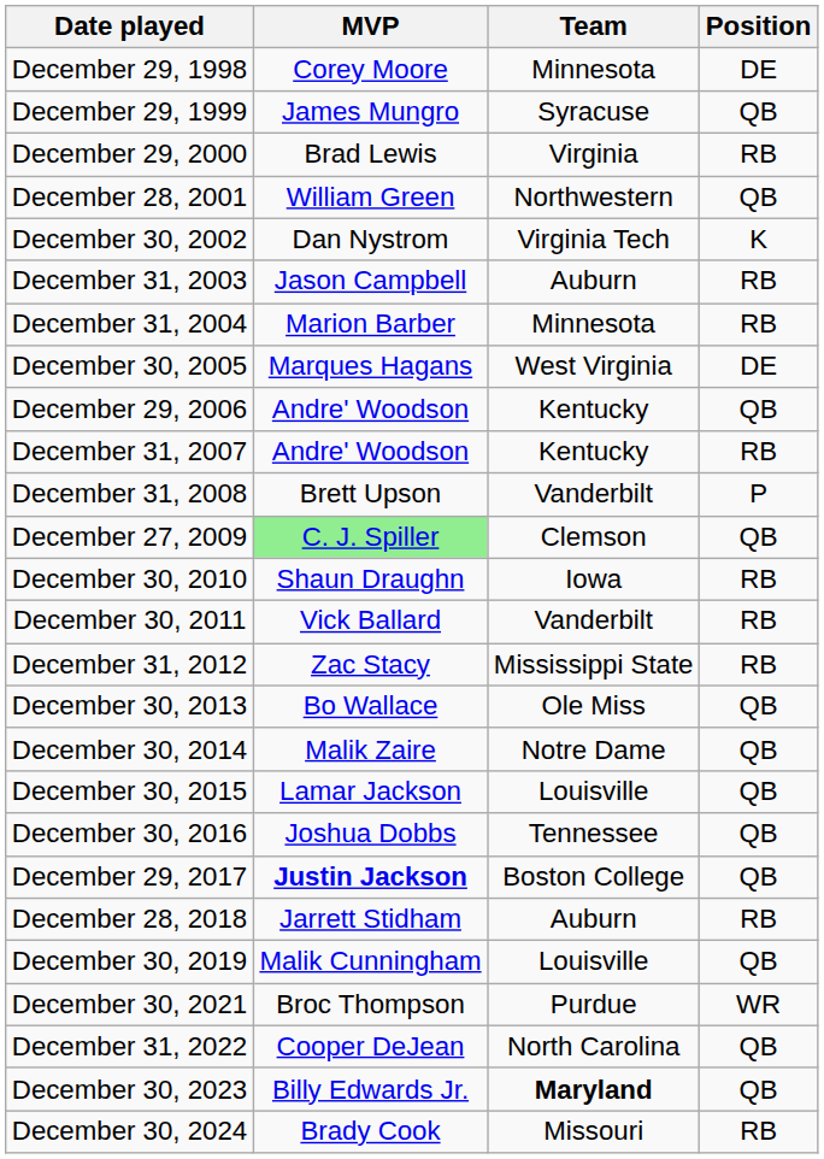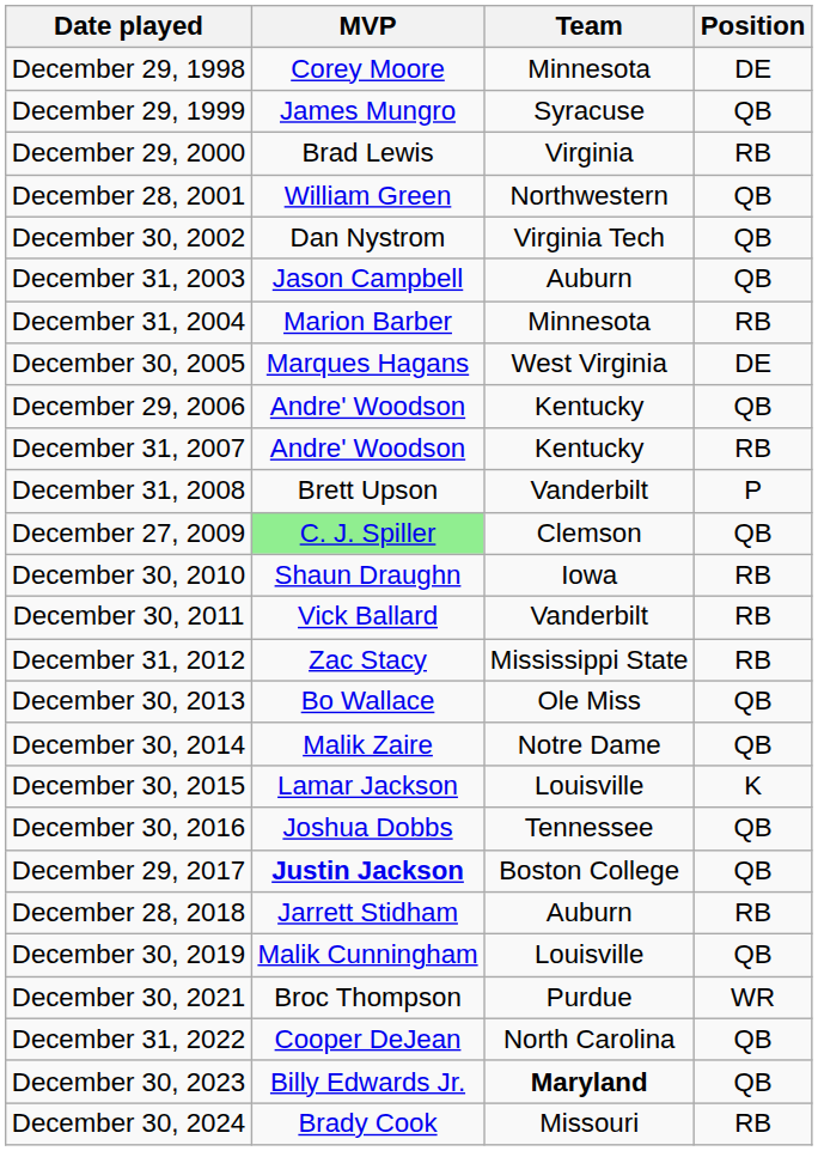 <table class="wikitable" style="text-align:center">
 <tr>
 <th>Date played</th>
 <th>MVP</th>
 <th>Team</th>
 <th>Position</th>
 </tr>
 <tr>
 <td>December 29, 1998</td>
 <td><a href='#'>Corey Moore</a></td>
 <td>Minnesota</td>
 <td>DE</td>
 </tr>
 <tr>
 <td>December 29, 1999</td>
 <td><a href='#'>James Mungro</a></td>
 <td>Syracuse</td>
 <td>QB</td>
 </tr>
 <tr>
 <td>December 29, 2000</td>
 <td>Brad Lewis</td>
 <td>Virginia</td>
 <td>RB</td>
 </tr>
 <tr>
 <td>December 28, 2001</td>
 <td><a href='#'>William Green</a></td>
 <td>Northwestern</td>
 <td>QB</td>
 </tr>
 <tr>
 <td>December 30, 2002</td>
 <td>Dan Nystrom</td>
 <td>Virginia Tech</td>
-<td>K</td>
+<td>QB</td>
 </tr>
 <tr>
 <td>December 31, 2003</td>
 <td><a href='#'>Jason Campbell</a></td>
 <td>Auburn</td>
-<td>RB</td>
+<td>QB</td>
 </tr>
 <tr>
 <td>December 31, 2004</td>
 <td><a href='#'>Marion Barber</a></td>
 <td>Minnesota</td>
 <td>RB</td>
 </tr>
 <tr>
 <td>December 30, 2005</td>
 <td><a href='#'>Marques Hagans</a></td>
 <td>West Virginia</td>
 <td>DE</td>
 </tr>
 <tr>
 <td>December 29, 2006</td>
 <td><a href='#'>Andre' Woodson</a></td>
 <td>Kentucky</td>
 <td>QB</td>
 </tr>
 <tr>
 <td>December 31, 2007</td>
 <td><a href='#'>Andre' Woodson</a></td>
 <td>Kentucky</td>
 <td>RB</td>
 </tr>
 <tr>
 <td>December 31, 2008</td>
 <td>Brett Upson</td>
 <td>Vanderbilt</td>
 <td>P</td>
 </tr>
 <tr>
 <td>December 27, 2009</td>
 <td style="background: lightgreen;"><a href='#'>C. J. Spiller</a></td>
 <td>Clemson</td>
 <td>QB</td>
 </tr>
 <tr>
 <td>December 30, 2010</td>
 <td><a href='#'>Shaun Draughn</a></td>
 <td>Iowa</td>
 <td>RB</td>
 </tr>
 <tr>
 <td>December 30, 2011</td>
 <td><a href='#'>Vick Ballard</a></td>
 <td>Vanderbilt</td>
 <td>RB</td>
 </tr>
 <tr>
 <td>December 31, 2012</td>
 <td><a href='#'>Zac Stacy</a></td>
 <td>Mississippi State</td>
 <td>RB</td>
 </tr>
 <tr>
 <td>December 30, 2013</td>
 <td><a href='#'>Bo Wallace</a></td>
 <td>Ole Miss</td>
 <td>QB</td>
 </tr>
 <tr>
 <td>December 30, 2014</td>
 <td><a href='#'>Malik Zaire</a></td>
 <td>Notre Dame</td>
 <td>QB</td>
 </tr>
 <tr>
 <td>December 30, 2015</td>
 <td><a href='#'>Lamar Jackson</a></td>
 <td>Louisville</td>
-<td>QB</td>
+<td>K</td>
 </tr>
 <tr>
 <td>December 30, 2016</td>
 <td><a href='#'>Joshua Dobbs</a></td>
 <td>Tennessee</td>
 <td>QB</td>
 </tr>
 <tr>
 <td>December 29, 2017</td>
 <td><strong><a href='#'>Justin Jackson</a></strong></td>
 <td>Boston College</td>
 <td>QB</td>
 </tr>
 <tr>
 <td>December 28, 2018</td>
 <td><a href='#'>Jarrett Stidham</a></td>
 <td>Auburn</td>
 <td>RB</td>
 </tr>
 <tr>
 <td>December 30, 2019</td>
 <td><a href='#'>Malik Cunningham</a></td>
 <td>Louisville</td>
 <td>QB</td>
 </tr>
 <tr>
 <td>December 30, 2021</td>
 <td>Broc Thompson</td>
 <td>Purdue</td>
 <td>WR</td>
 </tr>
 <tr>
 <td>December 31, 2022</td>
 <td><a href='#'>Cooper DeJean</a></td>
 <td>North Carolina</td>
 <td>QB</td>
 </tr>
 <tr>
 <td>December 30, 2023</td>
 <td><a href='#'>Billy Edwards Jr.</a></td>
 <td><strong>Maryland</strong></td>
 <td>QB</td>
 </tr>
 <tr>
 <td>December 30, 2024</td>
 <td><a href='#'>Brady Cook</a></td>
 <td>Missouri</td>
 <td>RB</td>
 </tr>
 </table>
